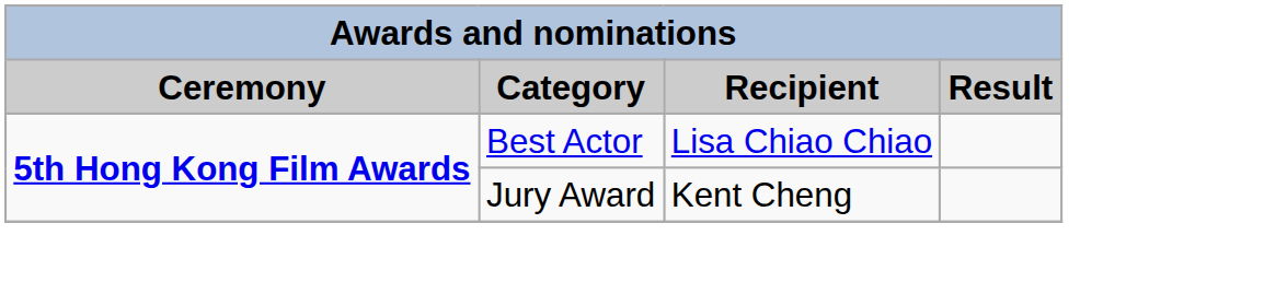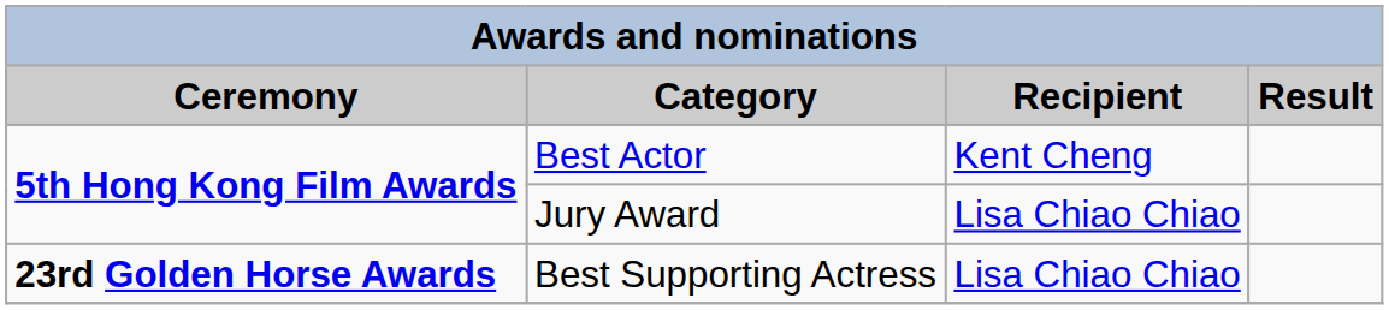 <table class="wikitable" style="font-size:95%;" ;>
 <tr style="background:#ccc; text-align:center;">
 <th colspan="4" style="background: LightSteelBlue;">Awards and nominations</th>
 </tr>
 <tr>
 <th style="background:#ccc">Ceremony</th>
 <th style="background:#ccc">Category</th>
 <th style="background:#ccc">Recipient</th>
 <th style="background:#ccc">Result</th>
 </tr>
 <tr>
 <td rowspan=2><strong><a href='#'>5th Hong Kong Film Awards</a></strong></td>
 <td><a href='#'>Best Actor</a></td>
+<td><a href='#'>Kent Cheng</a></td>
+<td></td>
+</tr>
+<tr>
+<td>Jury Award</td>
 <td><a href='#'>Lisa Chiao Chiao</a></td>
 <td></td>
 </tr>
 <tr>
-<td>Jury Award</td>
-<td>Kent Cheng</td>
+<td><strong>23rd <a href='#'>Golden Horse Awards</a></strong></td>
+<td>Best Supporting Actress</td>
+<td><a href='#'>Lisa Chiao Chiao</a></td>
 <td></td>
 </tr>
 <tr>
 </tr>
 </table>
